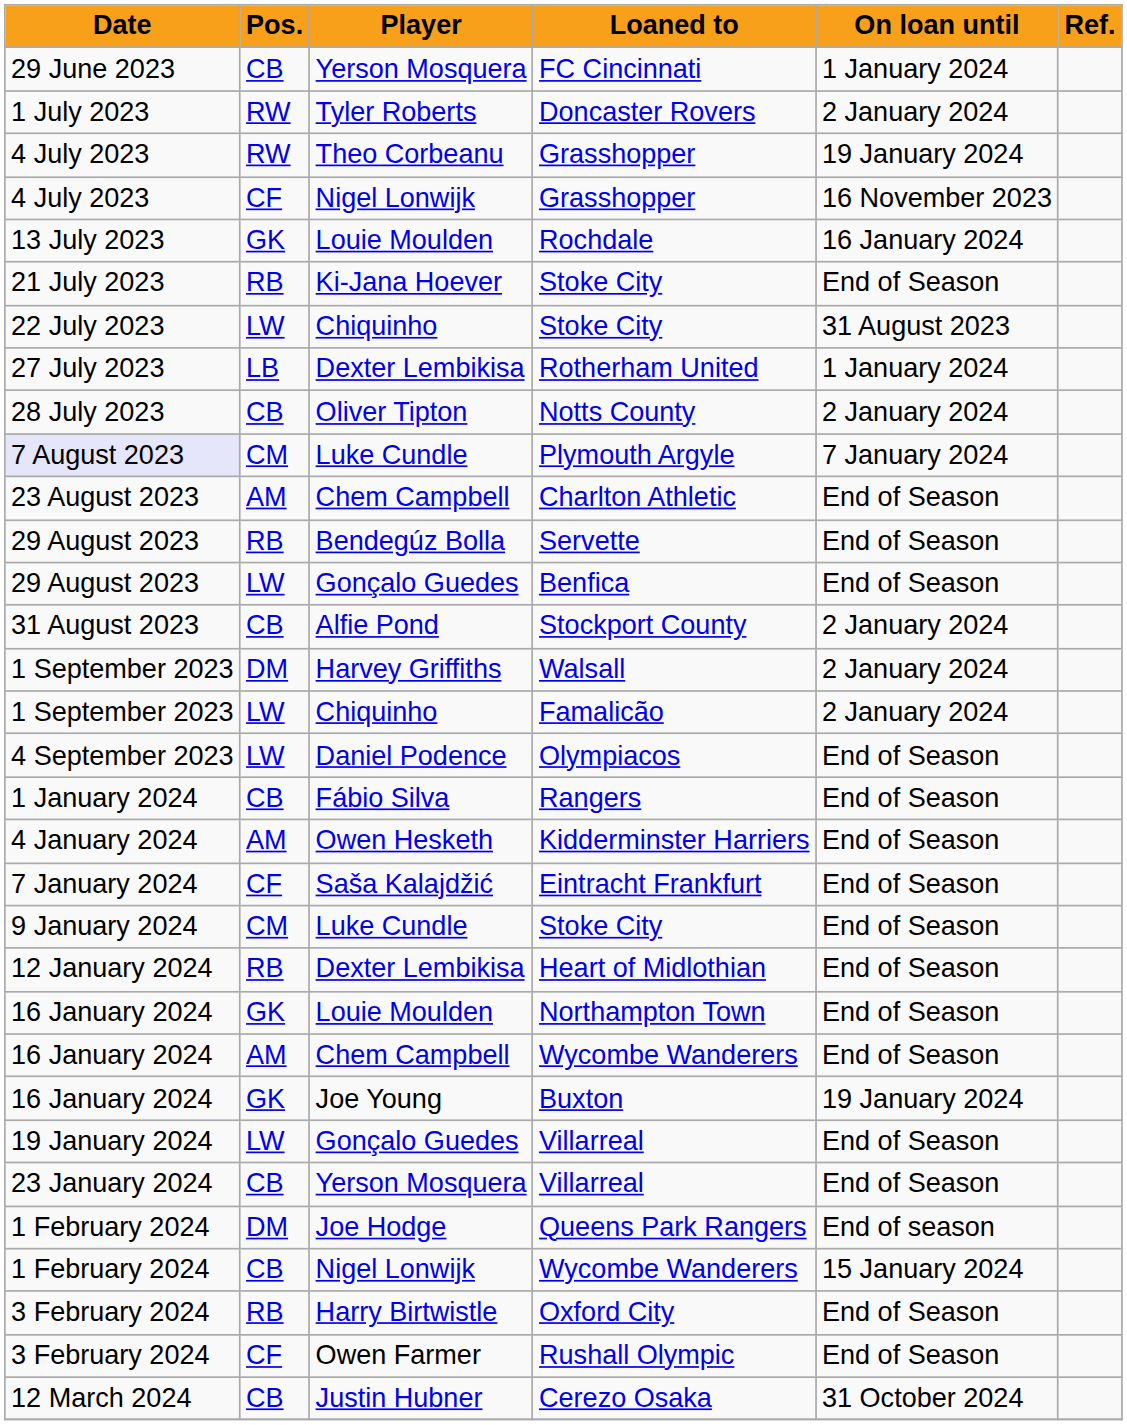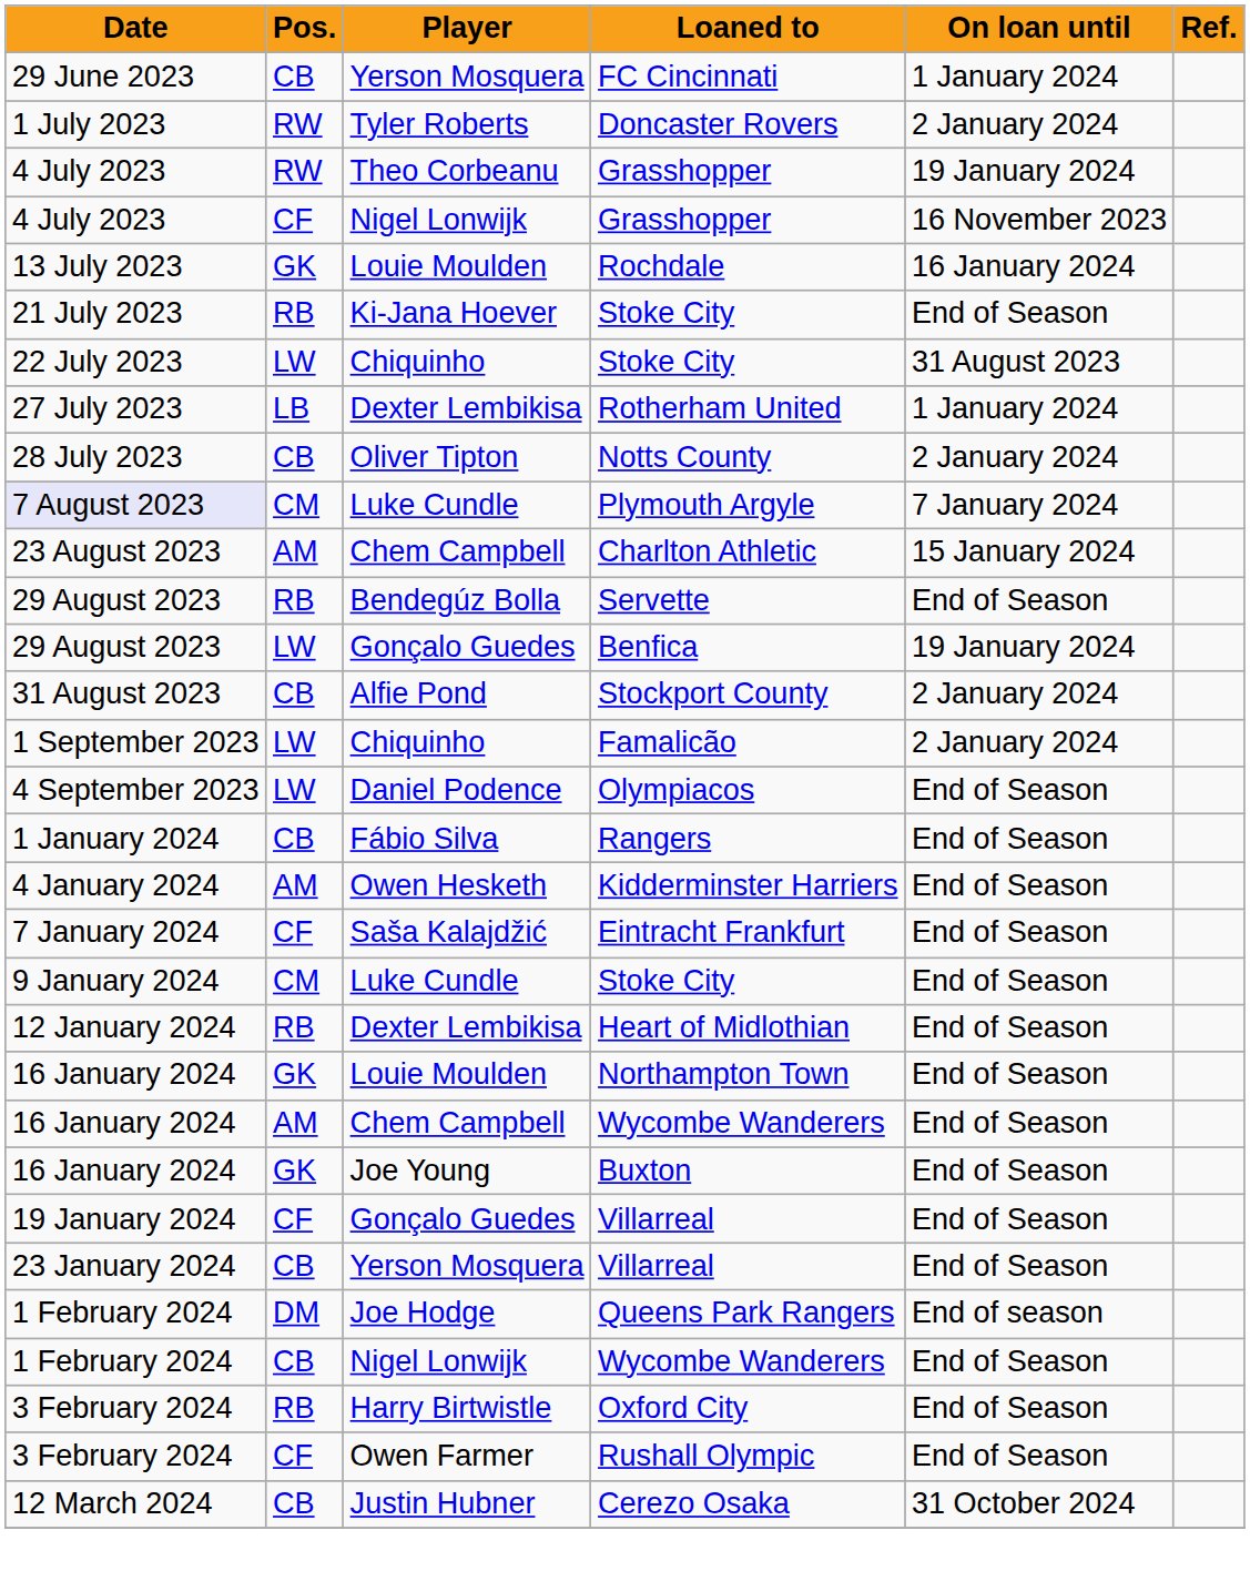 <table class="wikitable plainrowheaders sortable">
 <tr>
 <th style="background:#F9A01B; color:#000000; ">Date</th>
 <th style="background:#F9A01B; color:#000000; ">Pos.</th>
 <th style="background:#F9A01B; color:#000000; ">Player</th>
 <th style="background:#F9A01B; color:#000000; ">Loaned to</th>
 <th style="background:#F9A01B; color:#000000; ">On loan until</th>
 <th style="background:#F9A01B; color:#000000; ">Ref.</th>
 </tr>
 <tr>
 <td>29 June 2023</td>
 <td><a href='#'>CB</a></td>
 <td> <a href='#'>Yerson Mosquera</a></td>
 <td> <a href='#'>FC Cincinnati</a></td>
 <td>1 January 2024</td>
 <td></td>
 </tr>
 <tr>
 <td>1 July 2023</td>
 <td><a href='#'>RW</a></td>
 <td> <a href='#'>Tyler Roberts</a></td>
 <td> <a href='#'>Doncaster Rovers</a></td>
 <td>2 January 2024</td>
 <td></td>
 </tr>
 <tr>
 <td>4 July 2023</td>
 <td><a href='#'>RW</a></td>
 <td> <a href='#'>Theo Corbeanu</a></td>
 <td> <a href='#'>Grasshopper</a></td>
 <td>19 January 2024</td>
 <td></td>
 </tr>
 <tr>
 <td>4 July 2023</td>
 <td><a href='#'>CF</a></td>
 <td> <a href='#'>Nigel Lonwijk</a></td>
 <td> <a href='#'>Grasshopper</a></td>
 <td>16 November 2023</td>
 <td></td>
 </tr>
 <tr>
 <td>13 July 2023</td>
 <td><a href='#'>GK</a></td>
 <td> <a href='#'>Louie Moulden</a></td>
 <td> <a href='#'>Rochdale</a></td>
 <td>16 January 2024</td>
 <td></td>
 </tr>
 <tr>
 <td>21 July 2023</td>
 <td><a href='#'>RB</a></td>
 <td> <a href='#'>Ki-Jana Hoever</a></td>
 <td> <a href='#'>Stoke City</a></td>
 <td>End of Season</td>
 <td></td>
 </tr>
 <tr>
 <td>22 July 2023</td>
 <td><a href='#'>LW</a></td>
 <td> <a href='#'>Chiquinho</a></td>
 <td> <a href='#'>Stoke City</a></td>
 <td>31 August 2023</td>
 <td></td>
 </tr>
 <tr>
 <td>27 July 2023</td>
 <td><a href='#'>LB</a></td>
 <td> <a href='#'>Dexter Lembikisa</a></td>
 <td> <a href='#'>Rotherham United</a></td>
 <td>1 January 2024</td>
 <td></td>
 </tr>
 <tr>
 <td>28 July 2023</td>
 <td><a href='#'>CB</a></td>
 <td> <a href='#'>Oliver Tipton</a></td>
 <td> <a href='#'>Notts County</a></td>
 <td>2 January 2024</td>
 <td></td>
 </tr>
 <tr>
 <td style="background: lavender;">7 August 2023</td>
 <td><a href='#'>CM</a></td>
 <td> <a href='#'>Luke Cundle</a></td>
 <td> <a href='#'>Plymouth Argyle</a></td>
 <td>7 January 2024</td>
 <td></td>
 </tr>
 <tr>
 <td>23 August 2023</td>
 <td><a href='#'>AM</a></td>
 <td> <a href='#'>Chem Campbell</a></td>
 <td> <a href='#'>Charlton Athletic</a></td>
-<td>End of Season</td>
+<td>15 January 2024</td>
 <td></td>
 </tr>
 <tr>
 <td>29 August 2023</td>
 <td><a href='#'>RB</a></td>
 <td> <a href='#'>Bendegúz Bolla</a></td>
 <td> <a href='#'>Servette</a></td>
 <td>End of Season</td>
 <td></td>
 </tr>
 <tr>
 <td>29 August 2023</td>
 <td><a href='#'>LW</a></td>
 <td> <a href='#'>Gonçalo Guedes</a></td>
 <td> <a href='#'>Benfica</a></td>
-<td>End of Season</td>
+<td>19 January 2024</td>
 <td></td>
 </tr>
 <tr>
 <td>31 August 2023</td>
 <td><a href='#'>CB</a></td>
 <td> <a href='#'>Alfie Pond</a></td>
 <td> <a href='#'>Stockport County</a></td>
-<td>2 January 2024</td>
-<td></td>
-</tr>
-<tr>
-<td>1 September 2023</td>
-<td><a href='#'>DM</a></td>
-<td> <a href='#'>Harvey Griffiths</a></td>
-<td> <a href='#'>Walsall</a></td>
 <td>2 January 2024</td>
 <td></td>
 </tr>
 <tr>
 <td>1 September 2023</td>
 <td><a href='#'>LW</a></td>
 <td> <a href='#'>Chiquinho</a></td>
 <td> <a href='#'>Famalicão</a></td>
 <td>2 January 2024</td>
 <td></td>
 </tr>
 <tr>
 <td>4 September 2023</td>
 <td><a href='#'>LW</a></td>
 <td> <a href='#'>Daniel Podence</a></td>
 <td> <a href='#'>Olympiacos</a></td>
 <td>End of Season</td>
 <td></td>
 </tr>
 <tr>
 <td>1 January 2024</td>
 <td><a href='#'>CB</a></td>
 <td> <a href='#'>Fábio Silva</a></td>
 <td> <a href='#'>Rangers</a></td>
 <td>End of Season</td>
 <td></td>
 </tr>
 <tr>
 <td>4 January 2024</td>
 <td><a href='#'>AM</a></td>
 <td> <a href='#'>Owen Hesketh</a></td>
 <td> <a href='#'>Kidderminster Harriers</a></td>
 <td>End of Season</td>
 <td></td>
 </tr>
 <tr>
 <td>7 January 2024</td>
 <td><a href='#'>CF</a></td>
 <td> <a href='#'>Saša Kalajdžić</a></td>
 <td> <a href='#'>Eintracht Frankfurt</a></td>
 <td>End of Season</td>
 <td></td>
 </tr>
 <tr>
 <td>9 January 2024</td>
 <td><a href='#'>CM</a></td>
 <td> <a href='#'>Luke Cundle</a></td>
 <td> <a href='#'>Stoke City</a></td>
 <td>End of Season</td>
 <td></td>
 </tr>
 <tr>
 <td>12 January 2024</td>
 <td><a href='#'>RB</a></td>
 <td> <a href='#'>Dexter Lembikisa</a></td>
 <td> <a href='#'>Heart of Midlothian</a></td>
 <td>End of Season</td>
 <td></td>
 </tr>
 <tr>
 <td>16 January 2024</td>
 <td><a href='#'>GK</a></td>
 <td> <a href='#'>Louie Moulden</a></td>
 <td> <a href='#'>Northampton Town</a></td>
 <td>End of Season</td>
 <td></td>
 </tr>
 <tr>
 <td>16 January 2024</td>
 <td><a href='#'>AM</a></td>
 <td> <a href='#'>Chem Campbell</a></td>
 <td> <a href='#'>Wycombe Wanderers</a></td>
 <td>End of Season</td>
 <td></td>
 </tr>
 <tr>
 <td>16 January 2024</td>
 <td><a href='#'>GK</a></td>
 <td> Joe Young</td>
 <td> <a href='#'>Buxton</a></td>
-<td>19 January 2024</td>
+<td>End of Season</td>
 <td></td>
 </tr>
 <tr>
 <td>19 January 2024</td>
-<td><a href='#'>LW</a></td>
+<td><a href='#'>CF</a></td>
 <td> <a href='#'>Gonçalo Guedes</a></td>
 <td> <a href='#'>Villarreal</a></td>
 <td>End of Season</td>
 <td></td>
 </tr>
 <tr>
 <td>23 January 2024</td>
 <td><a href='#'>CB</a></td>
 <td> <a href='#'>Yerson Mosquera</a></td>
 <td> <a href='#'>Villarreal</a></td>
 <td>End of Season</td>
 <td></td>
 </tr>
 <tr>
 <td>1 February 2024</td>
 <td><a href='#'>DM</a></td>
 <td> <a href='#'>Joe Hodge</a></td>
 <td> <a href='#'>Queens Park Rangers</a></td>
 <td>End of season</td>
 <td></td>
 </tr>
 <tr>
 <td>1 February 2024</td>
 <td><a href='#'>CB</a></td>
 <td> <a href='#'>Nigel Lonwijk</a></td>
 <td> <a href='#'>Wycombe Wanderers</a></td>
-<td>15 January 2024</td>
+<td>End of Season</td>
 <td></td>
 </tr>
 <tr>
 <td>3 February 2024</td>
 <td><a href='#'>RB</a></td>
 <td> <a href='#'>Harry Birtwistle</a></td>
 <td> <a href='#'>Oxford City</a></td>
 <td>End of Season</td>
 <td></td>
 </tr>
 <tr>
 <td>3 February 2024</td>
 <td><a href='#'>CF</a></td>
 <td> Owen Farmer</td>
 <td> <a href='#'>Rushall Olympic</a></td>
 <td>End of Season</td>
 <td></td>
 </tr>
 <tr>
 <td>12 March 2024</td>
 <td><a href='#'>CB</a></td>
 <td> <a href='#'>Justin Hubner</a></td>
 <td> <a href='#'>Cerezo Osaka</a></td>
 <td>31 October 2024</td>
 <td></td>
 </tr>
 <tr>
 </tr>
 </table>
